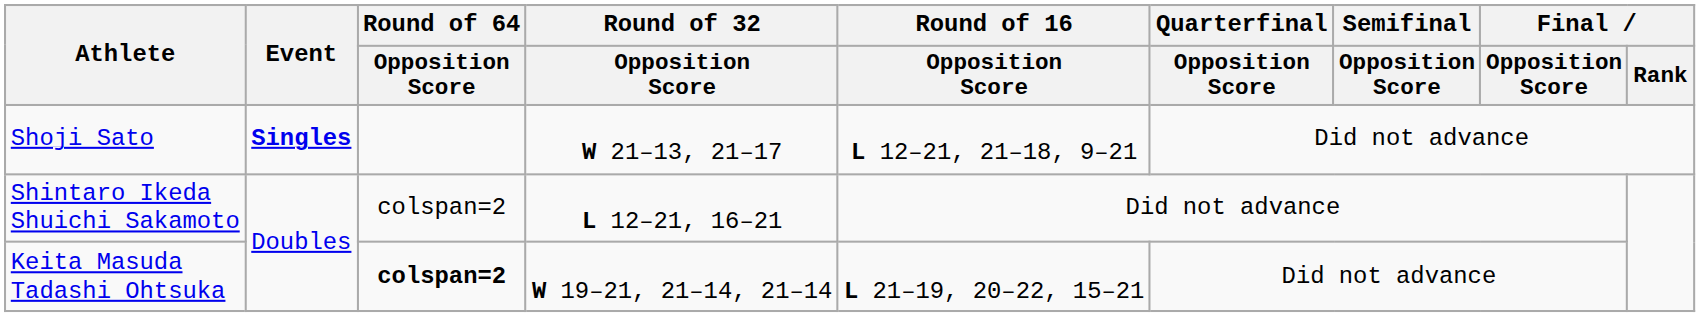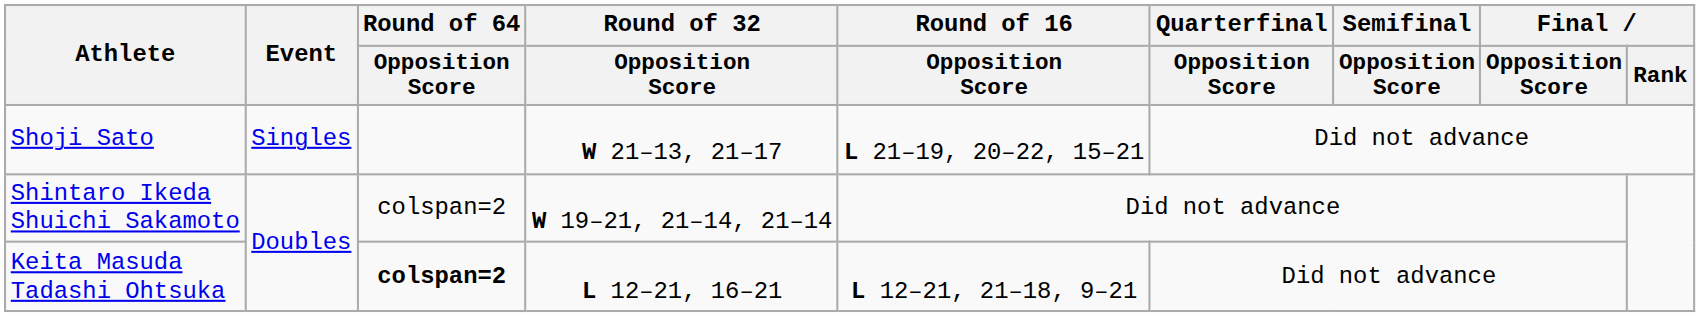 <table class=wikitable style="font-size:90%">
 <tr>
 <th rowspan="2">Athlete</th>
 <th rowspan="2">Event</th>
 <th>Round of 64</th>
 <th>Round of 32</th>
 <th>Round of 16</th>
 <th>Quarterfinal</th>
 <th>Semifinal</th>
 <th colspan=2>Final / </th>
 </tr>
 <tr style="font-size:95%">
 <th>Opposition<br>Score</th>
 <th>Opposition<br>Score</th>
 <th>Opposition<br>Score</th>
 <th>Opposition<br>Score</th>
 <th>Opposition<br>Score</th>
 <th>Opposition<br>Score</th>
 <th>Rank</th>
 </tr>
 <tr align=center>
 <td align=left><a href='#'>Shoji Sato</a></td>
-<td align=left><strong><a href='#'>Singles</a></strong></td>
+<td align=left><a href='#'>Singles</a></td>
 <td></td>
 <td><br><strong>W</strong> 21–13, 21–17</td>
-<td><br><strong>L</strong> 12–21, 21–18, 9–21</td>
+<td><br><strong>L</strong> 21–19, 20–22, 15–21</td>
 <td colspan=4>Did not advance</td>
 </tr>
 <tr align=center>
 <td align=left><a href='#'>Shintaro Ikeda</a><br><a href='#'>Shuichi Sakamoto</a></td>
 <td align=left rowspan=2><a href='#'>Doubles</a></td>
 <td>colspan=2 </td>
-<td><br><strong>L</strong> 12–21, 16–21</td>
+<td><br><strong>W</strong> 19–21, 21–14, 21–14</td>
 <td colspan=4>Did not advance</td>
 </tr>
 <tr align=center>
 <td align=left><a href='#'>Keita Masuda</a><br><a href='#'>Tadashi Ohtsuka</a></td>
 <td><strong>colspan=2 </strong></td>
-<td><br><strong>W</strong> 19–21, 21–14, 21–14</td>
-<td><br><strong>L</strong> 21–19, 20–22, 15–21</td>
+<td><br><strong>L</strong> 12–21, 16–21</td>
+<td><br><strong>L</strong> 12–21, 21–18, 9–21</td>
 <td colspan=3>Did not advance</td>
 </tr>
 </table>
